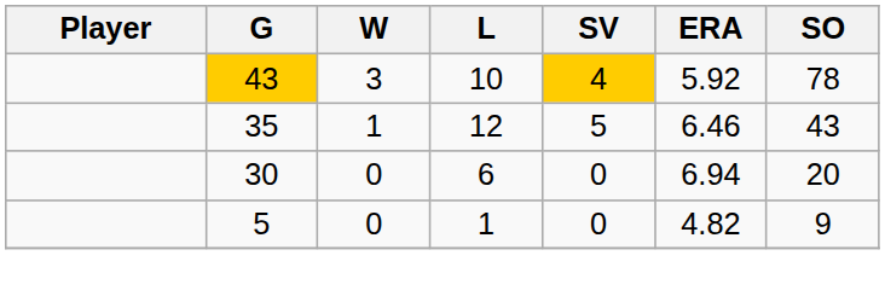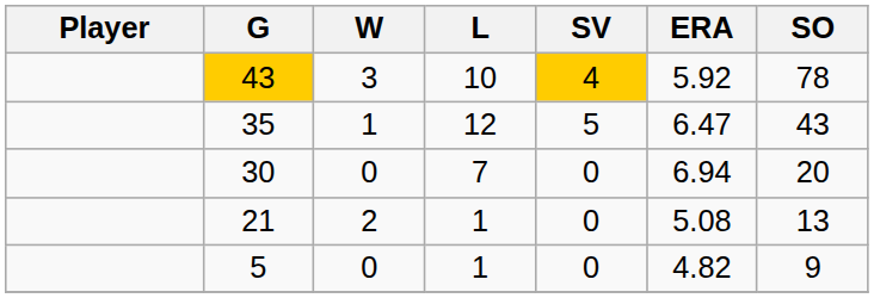 <table class="wikitable sortable">
 <tr>
 <th bgcolor="#DDDDFF" width="16%">Player</th>
 <th bgcolor="#DDDDFF" width="9%">G</th>
 <th bgcolor="#DDDDFF" width="9%">W</th>
 <th bgcolor="#DDDDFF" width="9%">L</th>
 <th bgcolor="#DDDDFF" width="9%">SV</th>
 <th bgcolor="#DDDDFF" width="9%">ERA</th>
 <th bgcolor="#DDDDFF" width="9%">SO</th>
 </tr>
 <tr align="center">
 <td></td>
 <td style="background:#fc0;">43</td>
 <td>3</td>
 <td>10</td>
 <td style="background:#fc0;">4</td>
 <td>5.92</td>
 <td>78</td>
 </tr>
 <tr align=center>
 <td></td>
 <td>35</td>
 <td>1</td>
 <td>12</td>
 <td>5</td>
-<td>6.46</td>
+<td>6.47</td>
 <td>43</td>
 </tr>
 <tr align="center">
 <td></td>
 <td>30</td>
 <td>0</td>
-<td>6</td>
+<td>7</td>
 <td>0</td>
 <td>6.94</td>
 <td>20</td>
+</tr>
+<tr align="center">
+<td></td>
+<td>21</td>
+<td>2</td>
+<td>1</td>
+<td>0</td>
+<td>5.08</td>
+<td>13</td>
 </tr>
 <tr align="center">
 <td></td>
 <td>5</td>
 <td>0</td>
 <td>1</td>
 <td>0</td>
 <td>4.82</td>
 <td>9</td>
 </tr>
 <tr align="center">
 </tr>
 </table>
